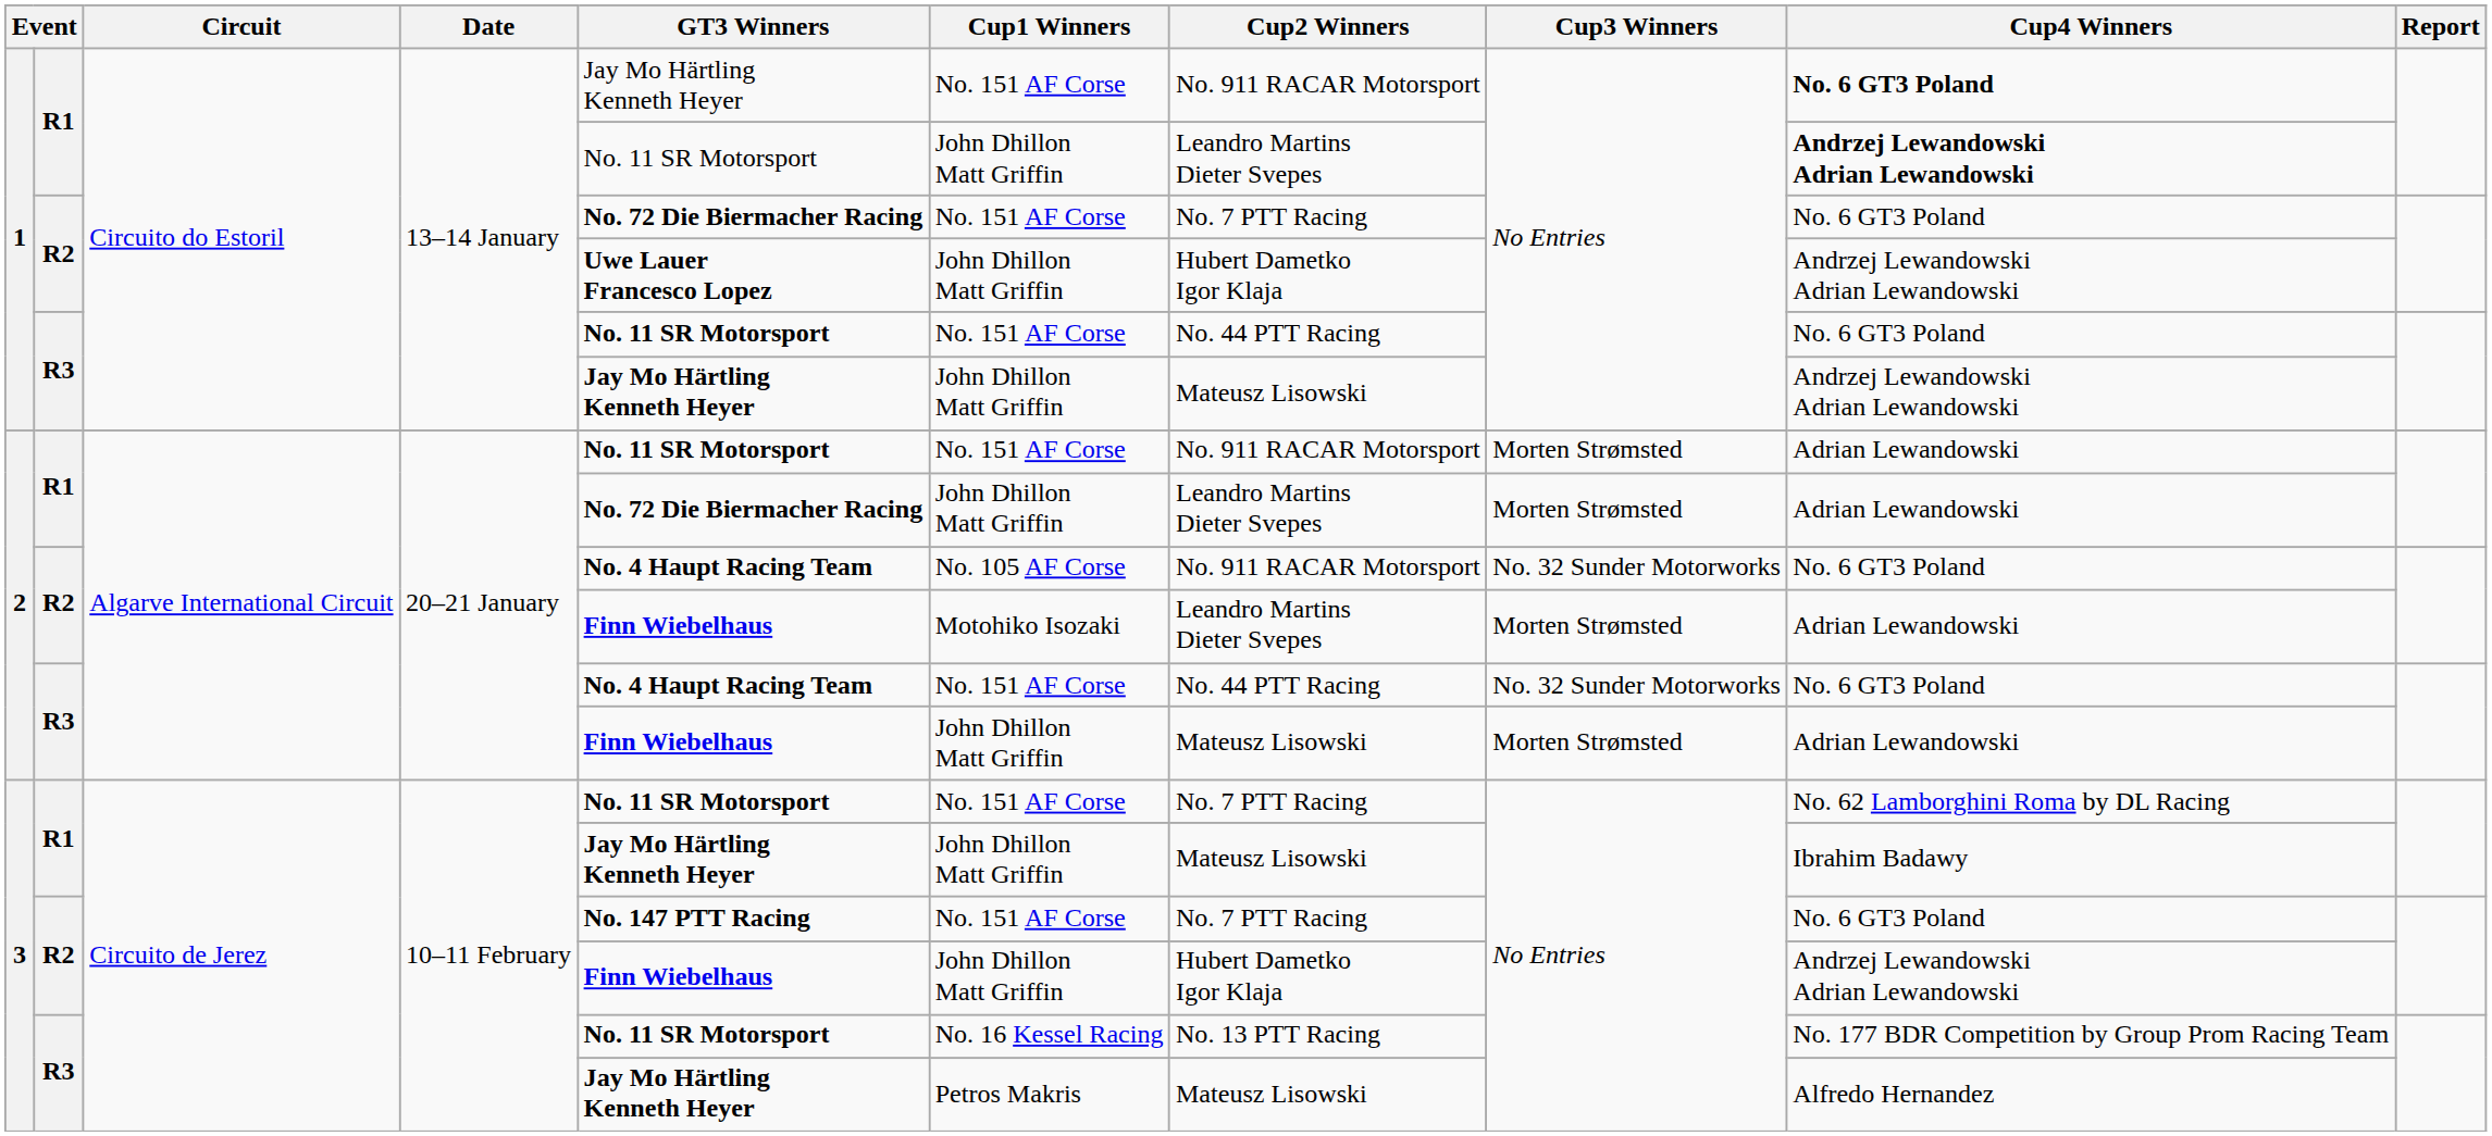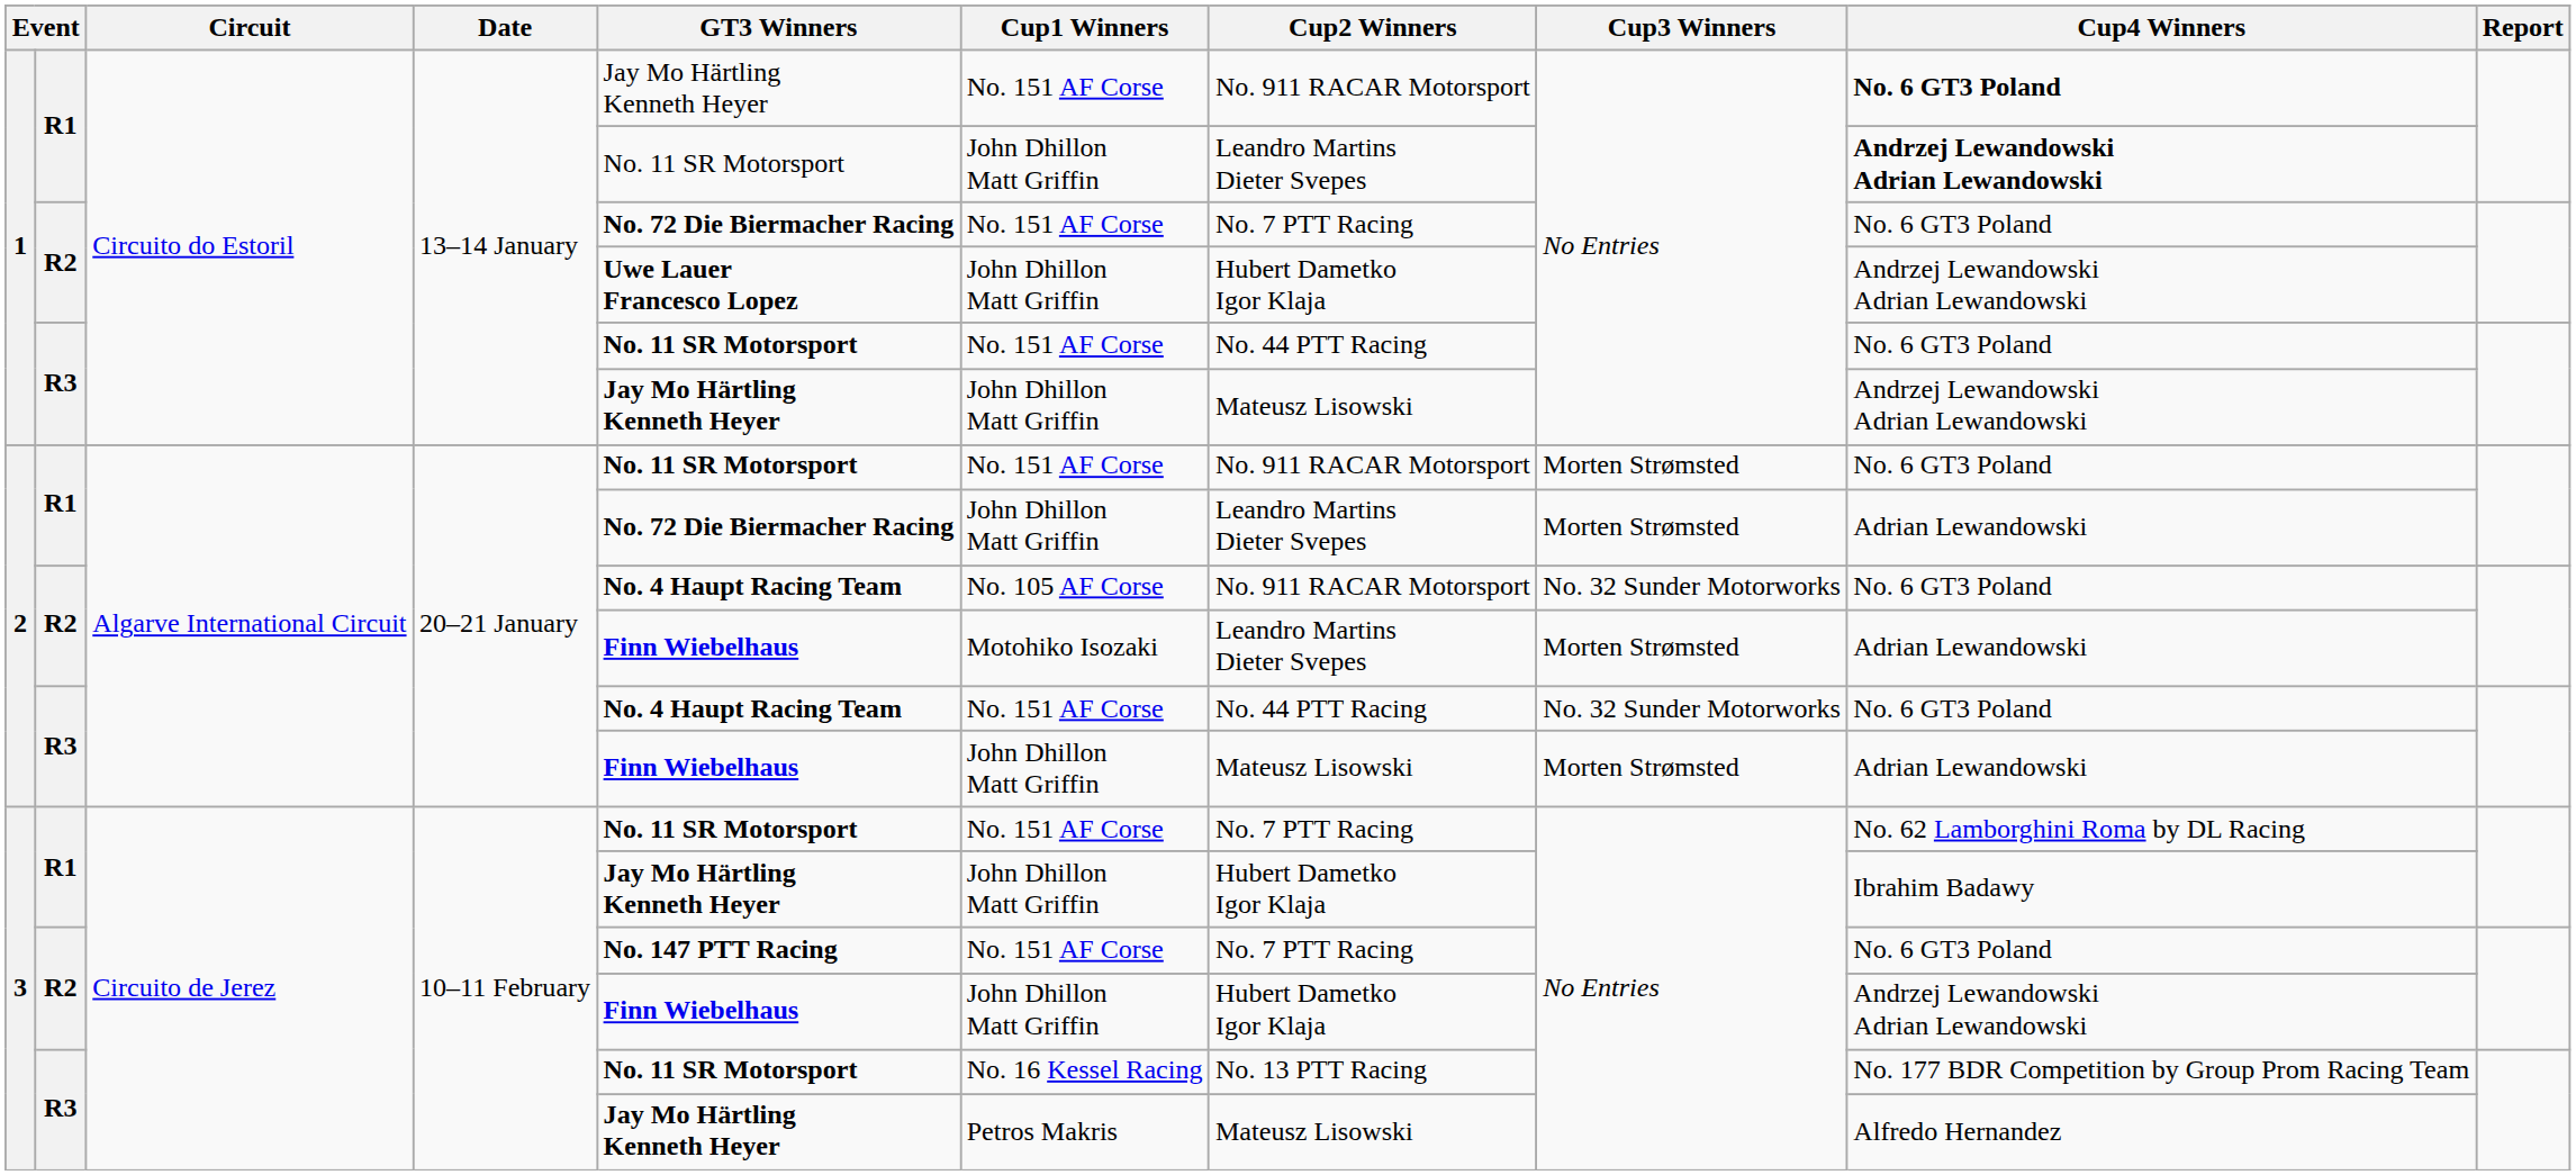 <table class="wikitable" style="font-size: 80%">
 <tr>
 <th colspan="2">Event</th>
 <th>Circuit</th>
 <th>Date</th>
 <th>GT3 Winners</th>
 <th>Cup1 Winners</th>
 <th>Cup2 Winners</th>
 <th>Cup3 Winners</th>
 <th>Cup4 Winners</th>
 <th>Report</th>
 </tr>
 <tr>
 <th rowspan="6">1</th>
 <th rowspan="2">R1</th>
 <td rowspan="6"> <a href='#'>Circuito do Estoril</a></td>
 <td rowspan="6">13–14 January</td>
 <td> Jay Mo Härtling<br> Kenneth Heyer</td>
 <td> No. 151 <a href='#'>AF Corse</a></td>
 <td> No. 911 RACAR Motorsport</td>
 <td rowspan="6"><em>No Entries</em></td>
 <td><strong> No. 6 GT3 Poland</strong></td>
 <td rowspan="2"></td>
 </tr>
 <tr>
 <td> No. 11 SR Motorsport</td>
 <td> John Dhillon<br> Matt Griffin</td>
 <td> Leandro Martins<br> Dieter Svepes</td>
 <td><strong> Andrzej Lewandowski</strong><br><strong> Adrian Lewandowski</strong></td>
 </tr>
 <tr>
 <th rowspan="2">R2</th>
 <td><strong> No. 72 Die Biermacher Racing</strong></td>
 <td> No. 151 <a href='#'>AF Corse</a></td>
 <td> No. 7 PTT Racing</td>
 <td> No. 6 GT3 Poland</td>
 <td rowspan="2"></td>
 </tr>
 <tr>
 <td><strong> Uwe Lauer</strong><br><strong> Francesco Lopez</strong></td>
 <td> John Dhillon<br> Matt Griffin</td>
 <td> Hubert Dametko<br> Igor Klaja</td>
 <td> Andrzej Lewandowski<br> Adrian Lewandowski</td>
 </tr>
 <tr>
 <th rowspan="2">R3</th>
 <td><strong> No. 11 SR Motorsport</strong></td>
 <td> No. 151 <a href='#'>AF Corse</a></td>
 <td> No. 44 PTT Racing</td>
 <td> No. 6 GT3 Poland</td>
 <td rowspan="2"></td>
 </tr>
 <tr>
 <td><strong> Jay Mo Härtling</strong><br><strong> Kenneth Heyer</strong></td>
 <td> John Dhillon<br> Matt Griffin</td>
 <td> Mateusz Lisowski</td>
 <td> Andrzej Lewandowski<br> Adrian Lewandowski</td>
 </tr>
 <tr>
 <th rowspan="6">2</th>
 <th rowspan="2">R1</th>
 <td rowspan="6"> <a href='#'>Algarve International Circuit</a></td>
 <td rowspan="6">20–21 January</td>
 <td><strong> No. 11 SR Motorsport</strong></td>
 <td> No. 151 <a href='#'>AF Corse</a></td>
 <td> No. 911 RACAR Motorsport</td>
 <td> Morten Strømsted</td>
-<td> Adrian Lewandowski</td>
+<td> No. 6 GT3 Poland</td>
 <td rowspan="2"></td>
 </tr>
 <tr>
 <td><strong> No. 72 Die Biermacher Racing</strong></td>
 <td> John Dhillon<br> Matt Griffin</td>
 <td> Leandro Martins<br> Dieter Svepes</td>
 <td> Morten Strømsted</td>
 <td> Adrian Lewandowski</td>
 </tr>
 <tr>
 <th rowspan="2">R2</th>
 <td><strong> No. 4 Haupt Racing Team</strong></td>
 <td> No. 105 <a href='#'>AF Corse</a></td>
 <td> No. 911 RACAR Motorsport</td>
 <td> No. 32 Sunder Motorworks</td>
 <td> No. 6 GT3 Poland</td>
 <td rowspan="2"></td>
 </tr>
 <tr>
 <td><strong> <a href='#'>Finn Wiebelhaus</a></strong></td>
 <td> Motohiko Isozaki</td>
 <td> Leandro Martins<br> Dieter Svepes</td>
 <td> Morten Strømsted</td>
 <td> Adrian Lewandowski</td>
 </tr>
 <tr>
 <th rowspan="2">R3</th>
 <td><strong> No. 4 Haupt Racing Team</strong></td>
 <td> No. 151 <a href='#'>AF Corse</a></td>
 <td> No. 44 PTT Racing</td>
 <td> No. 32 Sunder Motorworks</td>
 <td> No. 6 GT3 Poland</td>
 <td rowspan="2"></td>
 </tr>
 <tr>
 <td><strong> <a href='#'>Finn Wiebelhaus</a></strong></td>
 <td> John Dhillon<br> Matt Griffin</td>
 <td> Mateusz Lisowski</td>
 <td> Morten Strømsted</td>
 <td> Adrian Lewandowski</td>
 </tr>
 <tr>
 <th rowspan="6">3</th>
 <th rowspan="2">R1</th>
 <td rowspan="6"> <a href='#'>Circuito de Jerez</a></td>
 <td rowspan="6">10–11 February</td>
 <td><strong> No. 11 SR Motorsport</strong></td>
 <td> No. 151 <a href='#'>AF Corse</a></td>
 <td> No. 7 PTT Racing</td>
 <td rowspan="6"><em>No Entries</em></td>
 <td> No. 62 <a href='#'>Lamborghini Roma</a> by DL Racing</td>
 <td rowspan="2"></td>
 </tr>
 <tr>
 <td><strong> Jay Mo Härtling<br> Kenneth Heyer</strong></td>
 <td> John Dhillon<br> Matt Griffin</td>
-<td> Mateusz Lisowski</td>
+<td> Hubert Dametko<br> Igor Klaja</td>
 <td> Ibrahim Badawy</td>
 </tr>
 <tr>
 <th rowspan="2">R2</th>
 <td><strong> No. 147 PTT Racing</strong></td>
 <td> No. 151 <a href='#'>AF Corse</a></td>
 <td> No. 7 PTT Racing</td>
 <td> No. 6 GT3 Poland</td>
 <td rowspan="2"></td>
 </tr>
 <tr>
 <td><strong> <a href='#'>Finn Wiebelhaus</a></strong></td>
 <td> John Dhillon<br> Matt Griffin</td>
 <td> Hubert Dametko<br> Igor Klaja</td>
 <td> Andrzej Lewandowski<br> Adrian Lewandowski</td>
 </tr>
 <tr>
 <th rowspan="2">R3</th>
 <td><strong> No. 11 SR Motorsport</strong></td>
 <td> No. 16 <a href='#'>Kessel Racing</a></td>
 <td> No. 13 PTT Racing</td>
 <td> No. 177 BDR Competition by Group Prom Racing Team</td>
 <td rowspan="2"></td>
 </tr>
 <tr>
 <td><strong> Jay Mo Härtling<br> Kenneth Heyer</strong></td>
 <td> Petros Makris</td>
 <td> Mateusz Lisowski</td>
 <td> Alfredo Hernandez</td>
 </tr>
 </table>
